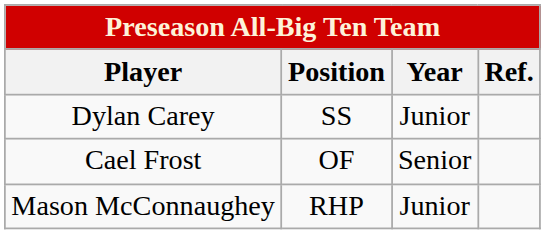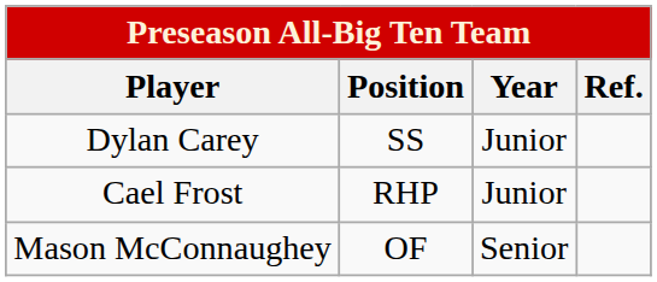 <table class="wikitable" style="text-align:center">
 <tr>
 <td colspan="5" style= "background: #d00000; color:#fdf2d9"><strong>Preseason All-Big Ten Team</strong></td>
 </tr>
 <tr>
 <th>Player</th>
 <th>Position</th>
 <th>Year</th>
 <th>Ref.</th>
 </tr>
 <tr>
 <td>Dylan Carey</td>
 <td>SS</td>
 <td>Junior</td>
 <td></td>
 </tr>
 <tr>
 <td>Cael Frost</td>
+<td>RHP</td>
+<td>Junior</td>
+<td></td>
+</tr>
+<tr>
+<td>Mason McConnaughey</td>
 <td>OF</td>
 <td>Senior</td>
 <td></td>
 </tr>
-<tr>
-<td>Mason McConnaughey</td>
-<td>RHP</td>
-<td>Junior</td>
-<td></td>
-</tr>
 </table>
